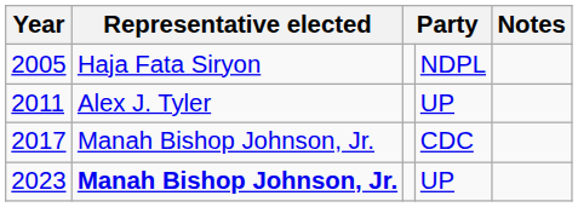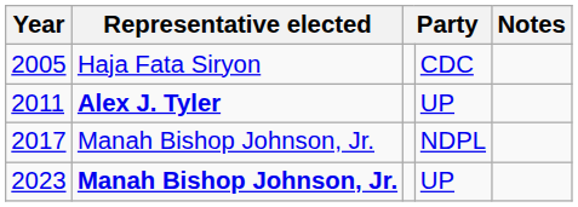 <table class="wikitable">
 <tr>
 <th>Year</th>
 <th>Representative elected</th>
 <th colspan=2>Party</th>
 <th>Notes</th>
 </tr>
 <tr>
 <td><a href='#'>2005</a></td>
 <td><a href='#'>Haja Fata Siryon</a></td>
 <td></td>
-<td><a href='#'>NDPL</a></td>
+<td><a href='#'>CDC</a></td>
 <td></td>
 </tr>
 <tr>
 <td><a href='#'>2011</a></td>
-<td><a href='#'>Alex J. Tyler</a></td>
+<td><strong><a href='#'>Alex J. Tyler</a></strong></td>
 <td></td>
 <td><a href='#'>UP</a></td>
 <td></td>
 </tr>
 <tr>
 <td><a href='#'>2017</a></td>
 <td><a href='#'>Manah Bishop Johnson, Jr.</a></td>
 <td></td>
-<td><a href='#'>CDC</a></td>
+<td><a href='#'>NDPL</a></td>
 <td></td>
 </tr>
 <tr>
 <td><a href='#'>2023</a></td>
 <td><strong><a href='#'>Manah Bishop Johnson, Jr.</a></strong></td>
 <td></td>
 <td><a href='#'>UP</a></td>
 <td></td>
 </tr>
 </table>
